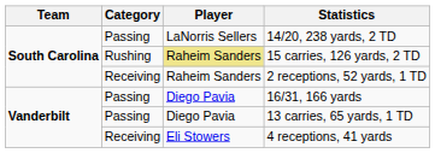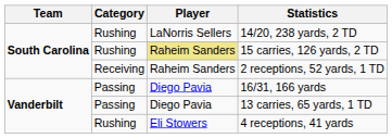 <table class="wikitable" style="float: right;">
 <tr>
 <th>Team</th>
 <th>Category</th>
 <th>Player</th>
 <th>Statistics</th>
 </tr>
 <tr>
 <td rowspan=3><strong>South Carolina</strong></td>
-<td>Passing</td>
+<td>Rushing</td>
 <td>LaNorris Sellers</td>
 <td>14/20, 238 yards, 2 TD</td>
 </tr>
 <tr>
 <td>Rushing</td>
 <td style="background: khaki;">Raheim Sanders</td>
 <td>15 carries, 126 yards, 2 TD</td>
 </tr>
 <tr>
 <td>Receiving</td>
 <td>Raheim Sanders</td>
 <td>2 receptions, 52 yards, 1 TD</td>
 </tr>
 <tr>
 <td rowspan=3><strong>Vanderbilt</strong></td>
 <td>Passing</td>
 <td><a href='#'>Diego Pavia</a></td>
 <td>16/31, 166 yards</td>
 </tr>
 <tr>
 <td>Passing</td>
 <td>Diego Pavia</td>
 <td>13 carries, 65 yards, 1 TD</td>
 </tr>
 <tr>
-<td>Receiving</td>
+<td>Rushing</td>
 <td><a href='#'>Eli Stowers</a></td>
 <td>4 receptions, 41 yards</td>
 </tr>
 </table>
